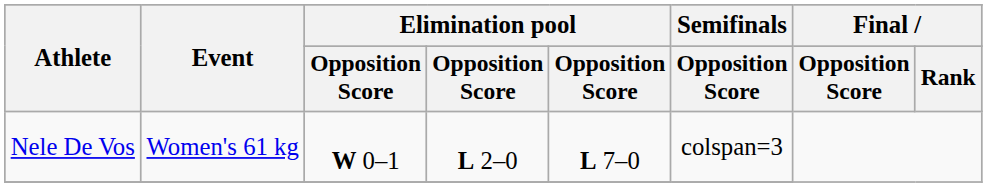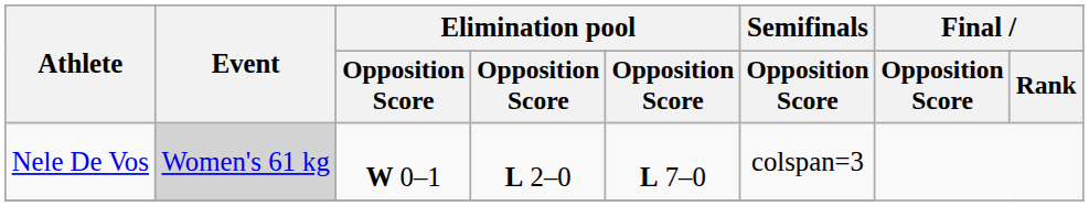 <table class="wikitable" style="font-size:90%">
 <tr>
 <th rowspan=2>Athlete</th>
 <th rowspan=2>Event</th>
 <th colspan=3>Elimination pool</th>
 <th>Semifinals</th>
 <th colspan=2>Final / </th>
 </tr>
 <tr style="font-size:95%">
 <th>Opposition<br>Score</th>
 <th>Opposition<br>Score</th>
 <th>Opposition<br>Score</th>
 <th>Opposition<br>Score</th>
 <th>Opposition<br>Score</th>
 <th>Rank</th>
 </tr>
 <tr align=center>
 <td align=left><a href='#'>Nele De Vos</a></td>
-<td align=left><a href='#'>Women's 61 kg</a></td>
+<td align=left style="background: lightgrey;"><a href='#'>Women's 61 kg</a></td>
 <td><br><strong>W</strong> 0–1</td>
 <td><br><strong>L</strong> 2–0</td>
 <td><br><strong>L</strong> 7–0</td>
 <td>colspan=3 </td>
 </tr>
 <tr align=center>
 </tr>
 </table>
